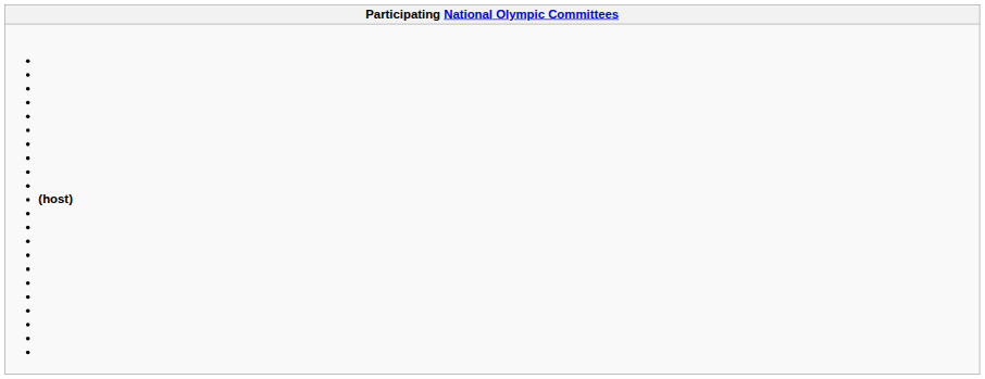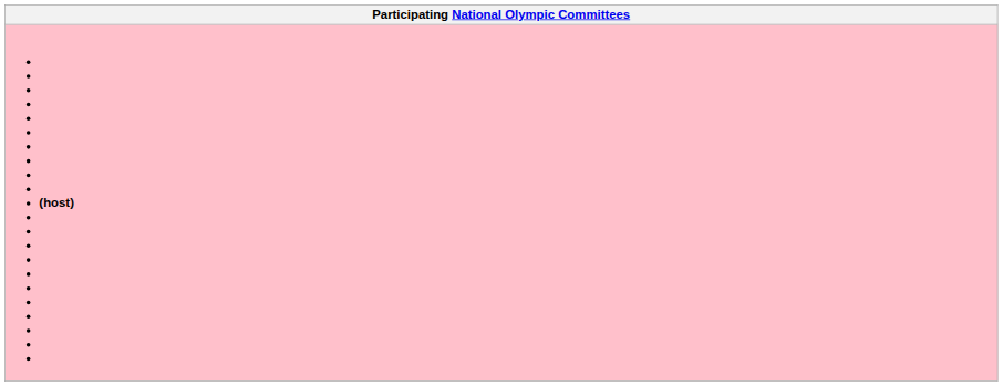 <table class="wikitable collapsible" style="width:100%;">
 <tr>
 <th>Participating <a href='#'>National Olympic Committees</a></th>
 </tr>
 <tr>
-<td><br><ul><li></li><li></li><li></li><li></li><li></li><li></li><li></li><li></li><li></li><li></li><li> <strong>(host)</strong></li><li></li><li></li><li></li><li></li><li></li><li></li><li></li><li></li><li></li><li></li><li></li></ul></td>
+<td style="background: pink;"><br><ul><li></li><li></li><li></li><li></li><li></li><li></li><li></li><li></li><li></li><li></li><li> <strong>(host)</strong></li><li></li><li></li><li></li><li></li><li></li><li></li><li></li><li></li><li></li><li></li><li></li></ul></td>
 </tr>
 </table>
